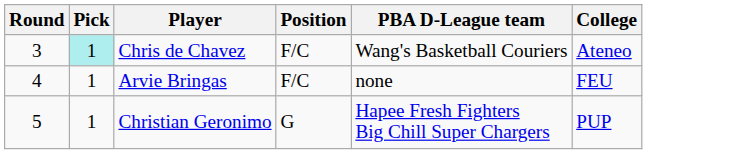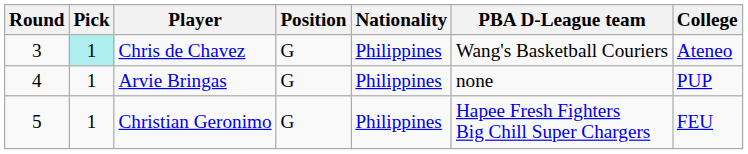 <table class="wikitable sortable sortable">
 <tr>
 <th>Round</th>
 <th>Pick</th>
 <th>Player</th>
 <th>Position</th>
+<th>Nationality</th>
 <th>PBA D-League team</th>
 <th>College</th>
 </tr>
 <tr>
 <td align=center>3</td>
 <td align=center style="background: paleturquoise;">1</td>
 <td><a href='#'>Chris de Chavez</a></td>
-<td>F/C</td>
+<td>G</td>
+<td> <a href='#'>Philippines</a></td>
 <td>Wang's Basketball Couriers</td>
 <td><a href='#'>Ateneo</a></td>
 </tr>
 <tr>
 <td align=center>4</td>
 <td align=center>1</td>
 <td><a href='#'>Arvie Bringas</a></td>
-<td>F/C</td>
+<td>G</td>
+<td> <a href='#'>Philippines</a></td>
 <td>none</td>
-<td><a href='#'>FEU</a></td>
+<td><a href='#'>PUP</a></td>
 </tr>
 <tr>
 <td align=center>5</td>
 <td align=center>1</td>
 <td><a href='#'>Christian Geronimo</a></td>
 <td>G</td>
+<td> <a href='#'>Philippines</a></td>
 <td><a href='#'>Hapee Fresh Fighters</a><br><a href='#'>Big Chill Super Chargers</a></td>
-<td><a href='#'>PUP</a></td>
+<td><a href='#'>FEU</a></td>
 </tr>
 </table>
